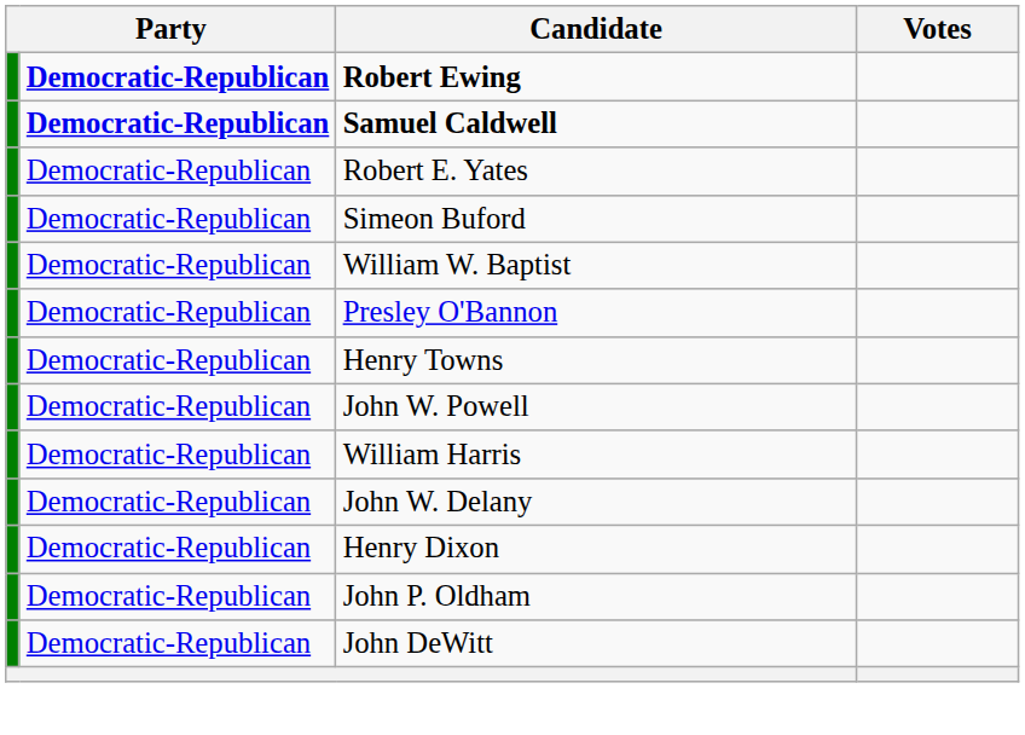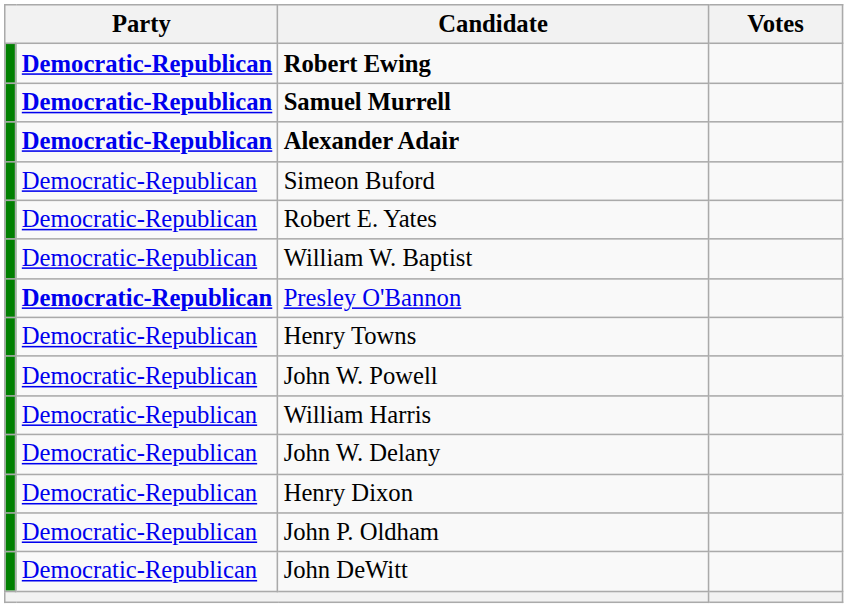 <table class=wikitable>
 <tr>
 <th colspan=2 style="width: 130px">Party</th>
 <th style="width: 17em">Candidate</th>
 <th style="width: 5em">Votes</th>
 </tr>
 <tr>
 <td style="background-color:#008000; widht:5px;"></td>
 <td><strong><a href='#'>Democratic-Republican</a></strong></td>
 <td><strong>Robert Ewing</strong></td>
 <td align=right></td>
 </tr>
 <tr>
 <td style="background-color:#008000"></td>
 <td><strong><a href='#'>Democratic-Republican</a></strong></td>
-<td><strong>Samuel Caldwell</strong></td>
+<td><strong>Samuel Murrell</strong></td>
+<td align=right></td>
+</tr>
+<tr>
+<td style="background-color:#008000"></td>
+<td><strong><a href='#'>Democratic-Republican</a></strong></td>
+<td><strong>Alexander Adair</strong></td>
+<td align=right></td>
+</tr>
+<tr>
+<td style="background-color:#008000"></td>
+<td><a href='#'>Democratic-Republican</a></td>
+<td>Simeon Buford</td>
 <td align=right></td>
 </tr>
 <tr>
 <td style="background-color:#008000"></td>
 <td><a href='#'>Democratic-Republican</a></td>
 <td>Robert E. Yates</td>
 <td align=right></td>
 </tr>
 <tr>
 <td style="background-color:#008000"></td>
 <td><a href='#'>Democratic-Republican</a></td>
-<td>Simeon Buford</td>
-<td align=right></td>
-</tr>
-<tr>
-<td style="background-color:#008000"></td>
-<td><a href='#'>Democratic-Republican</a></td>
 <td>William W. Baptist</td>
 <td align=right></td>
 </tr>
 <tr>
 <td style="background-color:#008000"></td>
-<td><a href='#'>Democratic-Republican</a></td>
+<td><strong><a href='#'>Democratic-Republican</a></strong></td>
 <td><a href='#'>Presley O'Bannon</a></td>
 <td align=right></td>
 </tr>
 <tr>
 <td style="background-color:#008000"></td>
 <td><a href='#'>Democratic-Republican</a></td>
 <td>Henry Towns</td>
 <td align=right></td>
 </tr>
 <tr>
 <td style="background-color:#008000"></td>
 <td><a href='#'>Democratic-Republican</a></td>
 <td>John W. Powell</td>
 <td align=right></td>
 </tr>
 <tr>
 <td style="background-color:#008000"></td>
 <td><a href='#'>Democratic-Republican</a></td>
 <td>William Harris</td>
 <td align=right></td>
 </tr>
 <tr>
 <td style="background-color:#008000"></td>
 <td><a href='#'>Democratic-Republican</a></td>
 <td>John W. Delany</td>
 <td align=right></td>
 </tr>
 <tr>
 <td style="background-color:#008000"></td>
 <td><a href='#'>Democratic-Republican</a></td>
 <td>Henry Dixon</td>
 <td align=right></td>
 </tr>
 <tr>
 <td style="background-color:#008000"></td>
 <td><a href='#'>Democratic-Republican</a></td>
 <td>John P. Oldham</td>
 <td align=right></td>
 </tr>
 <tr>
 <td style="background-color:#008000"></td>
 <td><a href='#'>Democratic-Republican</a></td>
 <td>John DeWitt</td>
 <td align=right></td>
 </tr>
 <tr>
 <th colspan=3></th>
 <th></th>
 </tr>
 </table>
